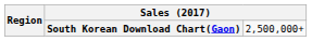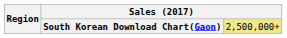 <table class="wikitable plainrowheaders" style="text-align:center;">
 <tr>
 <th rowspan="2">Region</th>
 <th colspan="2">Sales (2017)</th>
 </tr>
 <tr>
 <th scope="row">South Korean Download Chart(<a href='#'>Gaon</a>)</th>
-<td>2,500,000+</td>
+<td style="background: khaki;">2,500,000+</td>
 </tr>
 </table>
